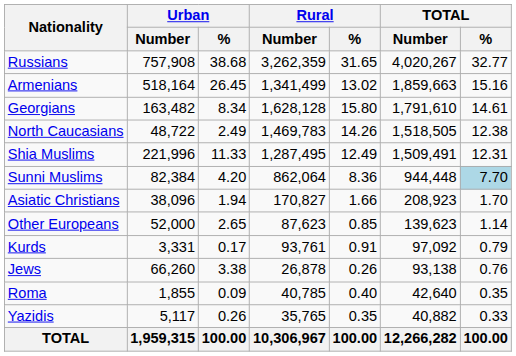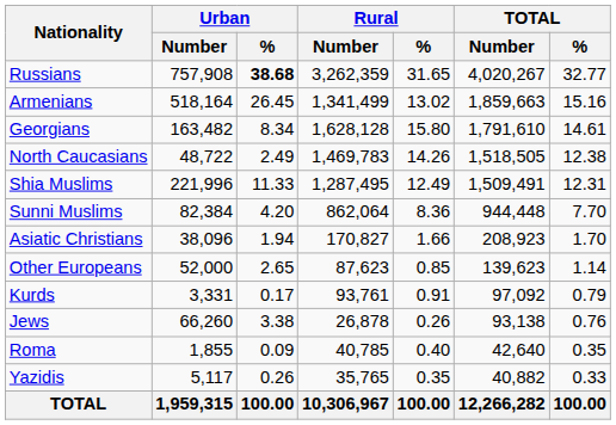 <table class="wikitable sortable">
 <tr>
 <th rowspan="2">Nationality</th>
 <th colspan="2"><a href='#'>Urban</a></th>
 <th colspan="2"><a href='#'>Rural</a></th>
 <th colspan="2">TOTAL</th>
 </tr>
 <tr>
 <th>Number</th>
 <th>%</th>
 <th>Number</th>
 <th>%</th>
 <th>Number</th>
 <th>%</th>
 </tr>
 <tr>
 <td><a href='#'>Russians</a></td>
 <td align="right">757,908</td>
-<td align="right">38.68</td>
+<td align="right"><strong>38.68</strong></td>
 <td align="right">3,262,359</td>
 <td align="right">31.65</td>
 <td align="right">4,020,267</td>
 <td align="right">32.77</td>
 </tr>
 <tr>
 <td><a href='#'>Armenians</a></td>
 <td align="right">518,164</td>
 <td align="right">26.45</td>
 <td align="right">1,341,499</td>
 <td align="right">13.02</td>
 <td align="right">1,859,663</td>
 <td align="right">15.16</td>
 </tr>
 <tr>
 <td><a href='#'>Georgians</a></td>
 <td align="right">163,482</td>
 <td align="right">8.34</td>
 <td align="right">1,628,128</td>
 <td align="right">15.80</td>
 <td align="right">1,791,610</td>
 <td align="right">14.61</td>
 </tr>
 <tr>
 <td><a href='#'>North Caucasians</a></td>
 <td align="right">48,722</td>
 <td align="right">2.49</td>
 <td align="right">1,469,783</td>
 <td align="right">14.26</td>
 <td align="right">1,518,505</td>
 <td align="right">12.38</td>
 </tr>
 <tr>
 <td><a href='#'>Shia Muslims</a></td>
 <td align="right">221,996</td>
 <td align="right">11.33</td>
 <td align="right">1,287,495</td>
 <td align="right">12.49</td>
 <td align="right">1,509,491</td>
 <td align="right">12.31</td>
 </tr>
 <tr>
 <td><a href='#'>Sunni Muslims</a></td>
 <td align="right">82,384</td>
 <td align="right">4.20</td>
 <td align="right">862,064</td>
 <td align="right">8.36</td>
 <td align="right">944,448</td>
-<td align="right" style="background: lightblue;">7.70</td>
+<td align="right">7.70</td>
 </tr>
 <tr>
 <td><a href='#'>Asiatic Christians</a></td>
 <td align="right">38,096</td>
 <td align="right">1.94</td>
 <td align="right">170,827</td>
 <td align="right">1.66</td>
 <td align="right">208,923</td>
 <td align="right">1.70</td>
 </tr>
 <tr>
 <td><a href='#'>Other Europeans</a></td>
 <td align="right">52,000</td>
 <td align="right">2.65</td>
 <td align="right">87,623</td>
 <td align="right">0.85</td>
 <td align="right">139,623</td>
 <td align="right">1.14</td>
 </tr>
 <tr>
 <td><a href='#'>Kurds</a></td>
 <td align="right">3,331</td>
 <td align="right">0.17</td>
 <td align="right">93,761</td>
 <td align="right">0.91</td>
 <td align="right">97,092</td>
 <td align="right">0.79</td>
 </tr>
 <tr>
 <td><a href='#'>Jews</a></td>
 <td align="right">66,260</td>
 <td align="right">3.38</td>
 <td align="right">26,878</td>
 <td align="right">0.26</td>
 <td align="right">93,138</td>
 <td align="right">0.76</td>
 </tr>
 <tr>
 <td><a href='#'>Roma</a></td>
 <td align="right">1,855</td>
 <td align="right">0.09</td>
 <td align="right">40,785</td>
 <td align="right">0.40</td>
 <td align="right">42,640</td>
 <td align="right">0.35</td>
 </tr>
 <tr>
 <td><a href='#'>Yazidis</a></td>
 <td align="right">5,117</td>
 <td align="right">0.26</td>
 <td align="right">35,765</td>
 <td align="right">0.35</td>
 <td align="right">40,882</td>
 <td align="right">0.33</td>
 </tr>
 <tr>
 <th>TOTAL</th>
 <th>1,959,315</th>
 <th>100.00</th>
 <th>10,306,967</th>
 <th>100.00</th>
 <th>12,266,282</th>
 <th>100.00</th>
 </tr>
 </table>
